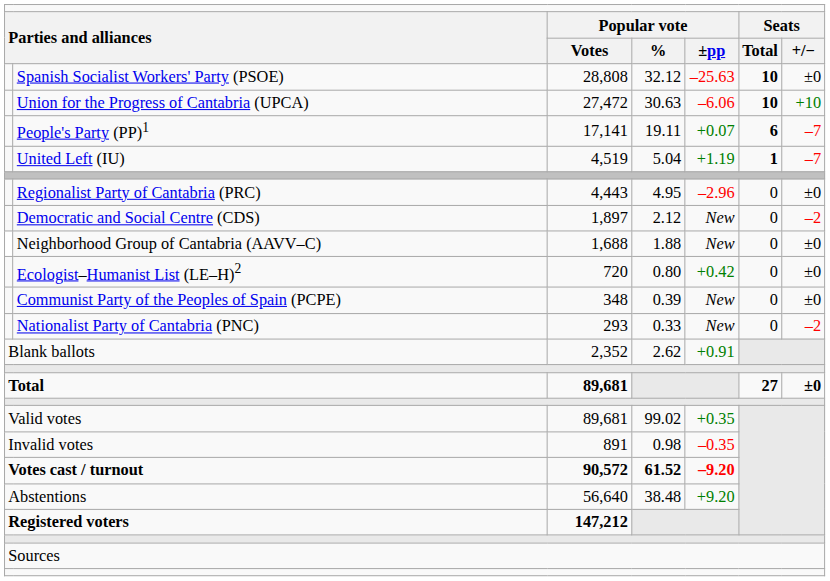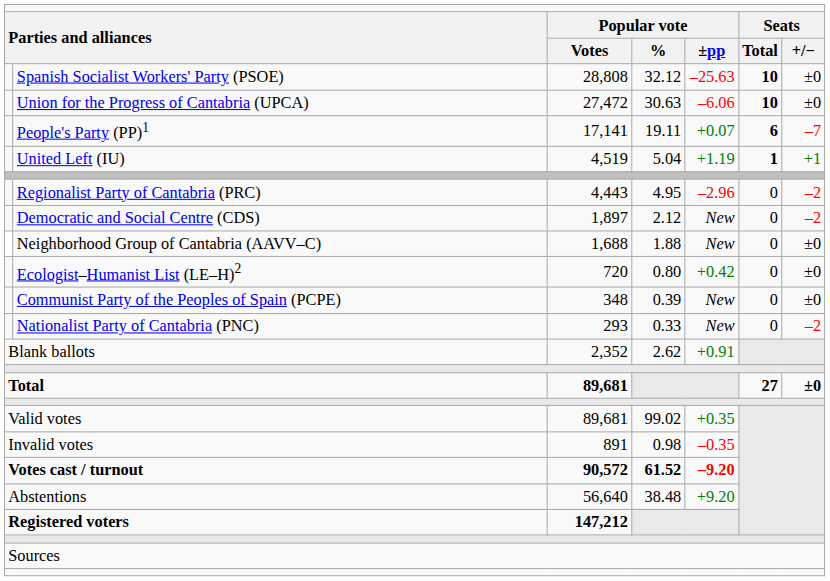 <table class="wikitable" style="text-align:right;">
 <tr>
 <td colspan="7"></td>
 </tr>
 <tr>
 <th style="text-align:left;" rowspan="2" colspan="2" width="525">Parties and alliances</th>
 <th colspan="3">Popular vote</th>
 <th colspan="2">Seats</th>
 </tr>
 <tr>
 <th width="75">Votes</th>
 <th width="45">%</th>
 <th width="45">±<a href='#'>pp</a></th>
 <th width="35">Total</th>
 <th width="35">+/−</th>
 </tr>
 <tr>
 <td width="1" style="color:inherit;background:"></td>
 <td align="left"><a href='#'>Spanish Socialist Workers' Party</a> (PSOE)</td>
 <td>28,808</td>
 <td>32.12</td>
 <td style="color:red;">–25.63</td>
 <td><strong>10</strong></td>
 <td>±0</td>
 </tr>
 <tr>
 <td style="color:inherit;background:"></td>
 <td align="left"><a href='#'>Union for the Progress of Cantabria</a> (UPCA)</td>
 <td>27,472</td>
 <td>30.63</td>
 <td style="color:red;">–6.06</td>
 <td><strong>10</strong></td>
-<td style="color:green;">+10</td>
+<td>±0</td>
 </tr>
 <tr>
 <td style="color:inherit;background:"></td>
 <td align="left"><a href='#'>People's Party</a> (PP)<sup>1</sup></td>
 <td>17,141</td>
 <td>19.11</td>
 <td style="color:green;">+0.07</td>
 <td><strong>6</strong></td>
 <td style="color:red;">–7</td>
 </tr>
 <tr>
 <td style="color:inherit;background:"></td>
 <td align="left"><a href='#'>United Left</a> (IU)</td>
 <td>4,519</td>
 <td>5.04</td>
 <td style="color:green;">+1.19</td>
 <td><strong>1</strong></td>
-<td style="color:red;">–7</td>
+<td style="color:green;">+1</td>
 </tr>
 <tr>
 <td colspan="7" bgcolor="#C0C0C0"></td>
 </tr>
 <tr>
 <td style="color:inherit;background:"></td>
 <td align="left"><a href='#'>Regionalist Party of Cantabria</a> (PRC)</td>
 <td>4,443</td>
 <td>4.95</td>
 <td style="color:red;">–2.96</td>
 <td>0</td>
-<td>±0</td>
+<td style="color:red;">–2</td>
 </tr>
 <tr>
 <td style="color:inherit;background:"></td>
 <td align="left"><a href='#'>Democratic and Social Centre</a> (CDS)</td>
 <td>1,897</td>
 <td>2.12</td>
 <td><em>New</em></td>
 <td>0</td>
 <td style="color:red;">–2</td>
 </tr>
 <tr>
 <td bgcolor="white"></td>
 <td align="left">Neighborhood Group of Cantabria (AAVV–C)</td>
 <td>1,688</td>
 <td>1.88</td>
 <td><em>New</em></td>
 <td>0</td>
 <td>±0</td>
 </tr>
 <tr>
 <td style="color:inherit;background:"></td>
 <td align="left"><a href='#'>Ecologist</a>–<a href='#'>Humanist List</a> (LE–H)<sup>2</sup></td>
 <td>720</td>
 <td>0.80</td>
 <td style="color:green;">+0.42</td>
 <td>0</td>
 <td>±0</td>
 </tr>
 <tr>
 <td style="color:inherit;background:"></td>
 <td align="left"><a href='#'>Communist Party of the Peoples of Spain</a> (PCPE)</td>
 <td>348</td>
 <td>0.39</td>
 <td><em>New</em></td>
 <td>0</td>
 <td>±0</td>
 </tr>
 <tr>
 <td style="color:inherit;background:"></td>
 <td align="left"><a href='#'>Nationalist Party of Cantabria</a> (PNC)</td>
 <td>293</td>
 <td>0.33</td>
 <td><em>New</em></td>
 <td>0</td>
 <td style="color:red;">–2</td>
 </tr>
 <tr>
 <td align="left" colspan="2">Blank ballots</td>
 <td>2,352</td>
 <td>2.62</td>
 <td style="color:green;">+0.91</td>
 <td bgcolor="#E9E9E9" colspan="2"></td>
 </tr>
 <tr>
 <td colspan="7" bgcolor="#E9E9E9"></td>
 </tr>
 <tr style="font-weight:bold;">
 <td align="left" colspan="2">Total</td>
 <td>89,681</td>
 <td bgcolor="#E9E9E9" colspan="2"></td>
 <td>27</td>
 <td>±0</td>
 </tr>
 <tr>
 <td colspan="7" bgcolor="#E9E9E9"></td>
 </tr>
 <tr>
 <td align="left" colspan="2">Valid votes</td>
 <td>89,681</td>
 <td>99.02</td>
 <td style="color:green;">+0.35</td>
 <td bgcolor="#E9E9E9" colspan="2" rowspan="5"></td>
 </tr>
 <tr>
 <td align="left" colspan="2">Invalid votes</td>
 <td>891</td>
 <td>0.98</td>
 <td style="color:red;">–0.35</td>
 </tr>
 <tr style="font-weight:bold;">
 <td align="left" colspan="2">Votes cast / turnout</td>
 <td>90,572</td>
 <td>61.52</td>
 <td style="color:red;">–9.20</td>
 </tr>
 <tr>
 <td align="left" colspan="2">Abstentions</td>
 <td>56,640</td>
 <td>38.48</td>
 <td style="color:green;">+9.20</td>
 </tr>
 <tr style="font-weight:bold;">
 <td align="left" colspan="2">Registered voters</td>
 <td>147,212</td>
 <td bgcolor="#E9E9E9" colspan="2"></td>
 </tr>
 <tr>
 <td colspan="7" bgcolor="#E9E9E9"></td>
 </tr>
 <tr>
 <td align="left" colspan="7">Sources</td>
 </tr>
 <tr>
 <td colspan="7" style="text-align:left; max-width:790px;"></td>
 </tr>
 </table>
